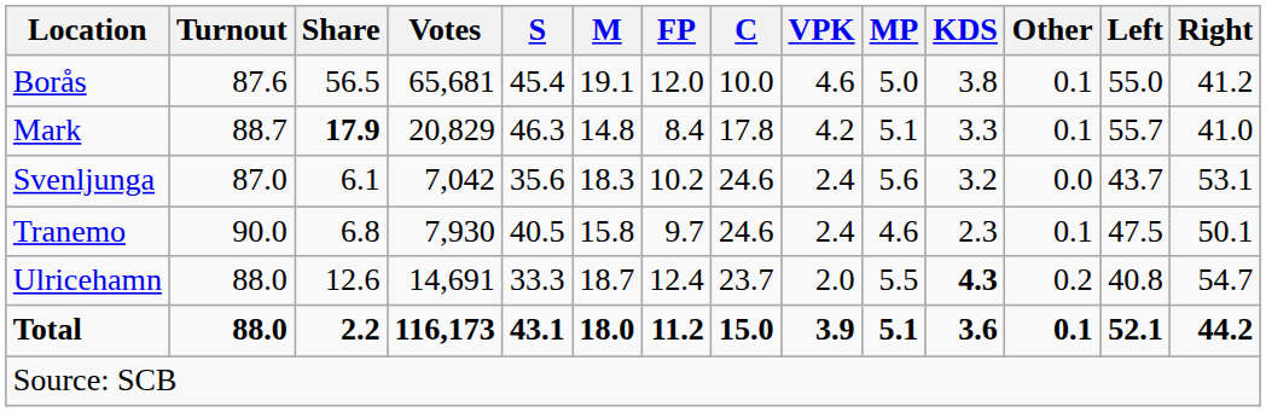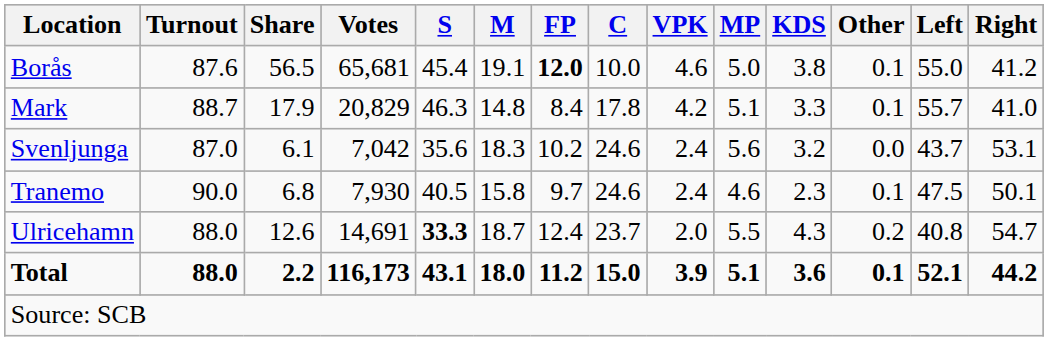 <table class="wikitable sortable" style=text-align:right>
 <tr>
 <th>Location</th>
 <th>Turnout</th>
 <th>Share</th>
 <th>Votes</th>
 <th><a href='#'>S</a></th>
 <th><a href='#'>M</a></th>
 <th><a href='#'>FP</a></th>
 <th><a href='#'>C</a></th>
 <th><a href='#'>VPK</a></th>
 <th><a href='#'>MP</a></th>
 <th><a href='#'>KDS</a></th>
 <th>Other</th>
 <th>Left</th>
 <th>Right</th>
 </tr>
 <tr>
 <td align=left><a href='#'>Borås</a></td>
 <td>87.6</td>
 <td>56.5</td>
 <td>65,681</td>
 <td>45.4</td>
 <td>19.1</td>
-<td>12.0</td>
+<td><strong>12.0</strong></td>
 <td>10.0</td>
 <td>4.6</td>
 <td>5.0</td>
 <td>3.8</td>
 <td>0.1</td>
 <td>55.0</td>
 <td>41.2</td>
 </tr>
 <tr>
 <td align=left><a href='#'>Mark</a></td>
 <td>88.7</td>
-<td><strong>17.9</strong></td>
+<td>17.9</td>
 <td>20,829</td>
 <td>46.3</td>
 <td>14.8</td>
 <td>8.4</td>
 <td>17.8</td>
 <td>4.2</td>
 <td>5.1</td>
 <td>3.3</td>
 <td>0.1</td>
 <td>55.7</td>
 <td>41.0</td>
 </tr>
 <tr>
 <td align=left><a href='#'>Svenljunga</a></td>
 <td>87.0</td>
 <td>6.1</td>
 <td>7,042</td>
 <td>35.6</td>
 <td>18.3</td>
 <td>10.2</td>
 <td>24.6</td>
 <td>2.4</td>
 <td>5.6</td>
 <td>3.2</td>
 <td>0.0</td>
 <td>43.7</td>
 <td>53.1</td>
 </tr>
 <tr>
 <td align=left><a href='#'>Tranemo</a></td>
 <td>90.0</td>
 <td>6.8</td>
 <td>7,930</td>
 <td>40.5</td>
 <td>15.8</td>
 <td>9.7</td>
 <td>24.6</td>
 <td>2.4</td>
 <td>4.6</td>
 <td>2.3</td>
 <td>0.1</td>
 <td>47.5</td>
 <td>50.1</td>
 </tr>
 <tr>
 <td align=left><a href='#'>Ulricehamn</a></td>
 <td>88.0</td>
 <td>12.6</td>
 <td>14,691</td>
-<td>33.3</td>
+<td><strong>33.3</strong></td>
 <td>18.7</td>
 <td>12.4</td>
 <td>23.7</td>
 <td>2.0</td>
 <td>5.5</td>
-<td><strong>4.3</strong></td>
+<td>4.3</td>
 <td>0.2</td>
 <td>40.8</td>
 <td>54.7</td>
 </tr>
 <tr>
 <td align=left><strong>Total</strong></td>
 <td><strong>88.0</strong></td>
 <td><strong>2.2</strong></td>
 <td><strong>116,173</strong></td>
 <td><strong>43.1</strong></td>
 <td><strong>18.0</strong></td>
 <td><strong>11.2</strong></td>
 <td><strong>15.0</strong></td>
 <td><strong>3.9</strong></td>
 <td><strong>5.1</strong></td>
 <td><strong>3.6</strong></td>
 <td><strong>0.1</strong></td>
 <td><strong>52.1</strong></td>
 <td><strong>44.2</strong></td>
 </tr>
 <tr>
 <td align=left colspan=14>Source: SCB </td>
 </tr>
 </table>
